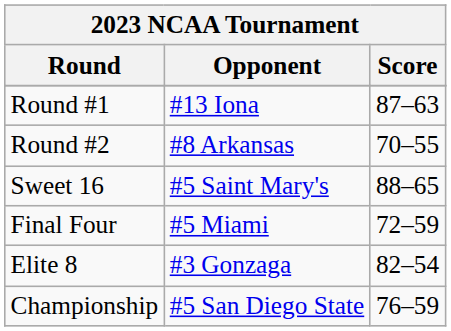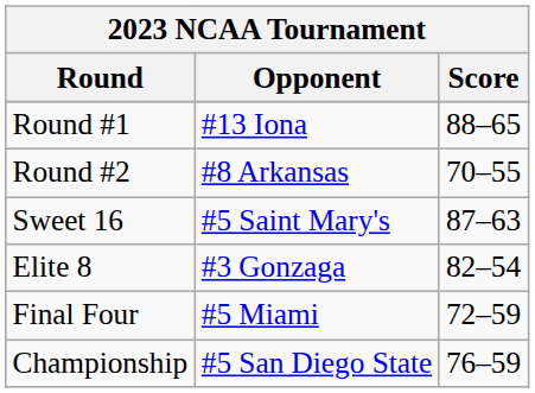 <table class="wikitable"  align="left">
 <tr>
 <th colspan="3">2023 NCAA Tournament</th>
 </tr>
 <tr>
 <th colspan="1">Round</th>
 <th colspan="1">Opponent</th>
 <th colspan="1">Score</th>
 </tr>
 <tr>
 </tr>
 <tr>
 <td>Round #1</td>
 <td><a href='#'>#13 Iona</a></td>
-<td>87–63</td>
+<td>88–65</td>
 </tr>
 <tr>
 <td>Round #2</td>
 <td><a href='#'>#8 Arkansas</a></td>
 <td>70–55</td>
 </tr>
 <tr>
 <td>Sweet 16</td>
 <td><a href='#'>#5 Saint Mary's</a></td>
-<td>88–65</td>
+<td>87–63</td>
+</tr>
+<tr>
+<td>Elite 8</td>
+<td><a href='#'>#3 Gonzaga</a></td>
+<td>82–54</td>
 </tr>
 <tr>
 <td>Final Four</td>
 <td><a href='#'>#5 Miami</a></td>
 <td>72–59</td>
 </tr>
 <tr>
-<td>Elite 8</td>
-<td><a href='#'>#3 Gonzaga</a></td>
-<td>82–54</td>
-</tr>
-<tr>
 <td>Championship</td>
 <td><a href='#'>#5 San Diego State</a></td>
 <td>76–59</td>
 </tr>
 </table>
